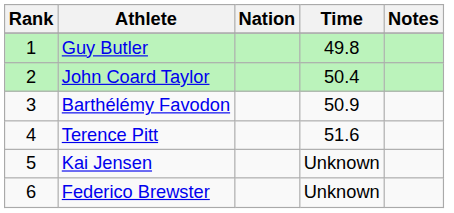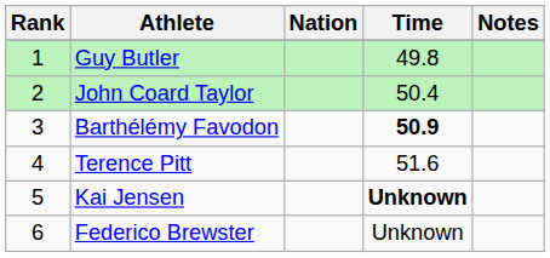 <table class="wikitable sortable" style="text-align:center">
 <tr>
 <th>Rank</th>
 <th>Athlete</th>
 <th>Nation</th>
 <th>Time</th>
 <th>Notes</th>
 </tr>
 <tr>
 </tr>
 <tr bgcolor=bbf3bb>
 <td>1</td>
 <td align=left><a href='#'>Guy Butler</a></td>
 <td align=left></td>
 <td>49.8</td>
 <td></td>
 </tr>
 <tr bgcolor=bbf3bb>
 <td>2</td>
 <td align=left><a href='#'>John Coard Taylor</a></td>
 <td align=left></td>
 <td>50.4</td>
 <td></td>
 </tr>
 <tr>
 <td>3</td>
 <td align=left><a href='#'>Barthélémy Favodon</a></td>
 <td align=left></td>
-<td>50.9</td>
+<td><strong>50.9</strong></td>
 <td></td>
 </tr>
 <tr>
 <td>4</td>
 <td align=left><a href='#'>Terence Pitt</a></td>
 <td align=left></td>
 <td>51.6</td>
 <td></td>
 </tr>
 <tr>
 <td>5</td>
 <td align=left><a href='#'>Kai Jensen</a></td>
 <td align=left></td>
-<td>Unknown</td>
+<td><strong>Unknown</strong></td>
 <td></td>
 </tr>
 <tr>
 <td>6</td>
 <td align=left><a href='#'>Federico Brewster</a></td>
 <td align=left></td>
 <td>Unknown</td>
 <td></td>
 </tr>
 </table>
